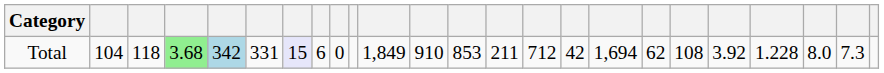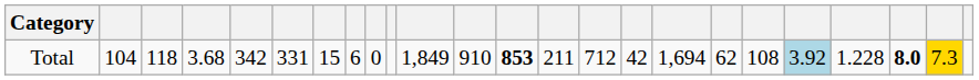 <table class="wikitable"  style="font-size: 95%; text-align:center;">
 <tr>
 <th>Category</th>
 <th></th>
 <th></th>
 <th></th>
 <th></th>
 <th></th>
 <th></th>
 <th></th>
 <th></th>
 <th></th>
 <th></th>
 <th></th>
 <th></th>
 <th></th>
 <th></th>
 <th></th>
 <th></th>
 <th></th>
 <th></th>
 <th></th>
 <th></th>
 <th></th>
 <th></th>
 <th></th>
 </tr>
 <tr>
 <td>Total</td>
 <td>104</td>
 <td>118</td>
-<td style="background: lightgreen;">3.68</td>
-<td style="background: lightblue;">342</td>
+<td>3.68</td>
+<td>342</td>
 <td>331</td>
-<td style="background: lavender;">15</td>
+<td>15</td>
 <td>6</td>
 <td>0</td>
 <td></td>
 <td>1,849</td>
 <td>910</td>
-<td>853</td>
+<td><strong>853</strong></td>
 <td>211</td>
 <td>712</td>
 <td>42</td>
 <td>1,694</td>
 <td>62</td>
 <td>108</td>
-<td>3.92</td>
+<td style="background: lightblue;">3.92</td>
 <td>1.228</td>
-<td>8.0</td>
-<td>7.3</td>
+<td><strong>8.0</strong></td>
+<td style="background: gold;">7.3</td>
 <td></td>
 </tr>
 </table>
